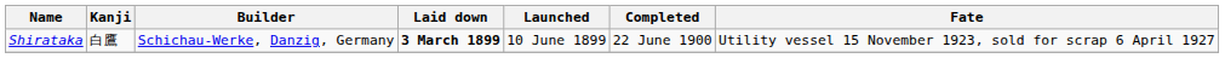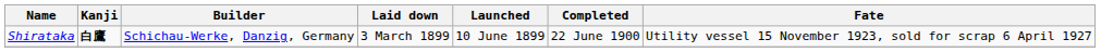 <table class="wikitable" style="font-size:90%;">
 <tr>
 <th>Name</th>
 <th>Kanji</th>
 <th>Builder</th>
 <th>Laid down</th>
 <th>Launched</th>
 <th>Completed</th>
 <th>Fate</th>
 </tr>
 <tr>
 <td><a href='#'><em>Shirataka</em></a></td>
-<td>白鷹</td>
+<td><strong>白鷹</strong></td>
 <td><a href='#'>Schichau-Werke</a>, <a href='#'>Danzig</a>, Germany</td>
-<td><strong>3 March 1899</strong></td>
+<td>3 March 1899</td>
 <td>10 June 1899</td>
 <td>22 June 1900</td>
 <td>Utility vessel 15 November 1923, sold for scrap 6 April 1927</td>
 </tr>
 <tr>
 </tr>
 </table>
